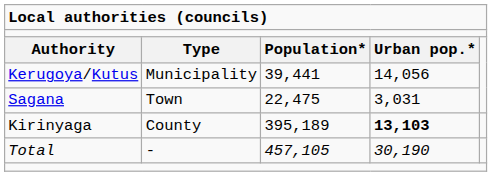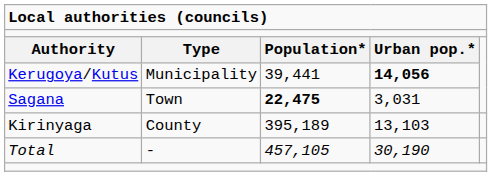 <table class="wikitable">
 <tr>
 <td colspan="5"><strong>Local authorities (councils)</strong></td>
 </tr>
 <tr>
 <td colspan="5"></td>
 </tr>
 <tr>
 <th>Authority</th>
 <th>Type</th>
 <th>Population*</th>
 <th>Urban pop.*</th>
 </tr>
 <tr>
 <td><a href='#'>Kerugoya</a>/<a href='#'>Kutus</a></td>
 <td>Municipality</td>
 <td>39,441</td>
-<td>14,056</td>
+<td><strong>14,056</strong></td>
 </tr>
 <tr>
 <td><a href='#'>Sagana</a></td>
 <td>Town</td>
-<td>22,475</td>
+<td><strong>22,475</strong></td>
 <td>3,031</td>
 </tr>
 <tr>
 <td>Kirinyaga</td>
 <td>County</td>
 <td>395,189</td>
-<td><strong>13,103</strong></td>
+<td>13,103</td>
 <td></td>
 </tr>
 <tr>
 <td><em>Total</em></td>
 <td>-</td>
 <td><em>457,105</em></td>
 <td><em>30,190</em></td>
 </tr>
 <tr>
 <td colspan="5"></td>
 </tr>
 </table>
